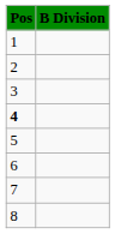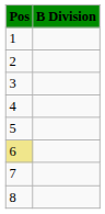 <table class="wikitable" style="margin:0.5em auto; font-size:95%">
 <tr bgcolor="#008B00">
 <td><strong>Pos</strong></td>
 <td><strong>B Division</strong></td>
 </tr>
 <tr>
 <td>1</td>
 <td></td>
 </tr>
 <tr>
 <td>2</td>
 <td></td>
 </tr>
 <tr>
 <td>3</td>
 <td></td>
 </tr>
 <tr>
-<td><strong>4</strong></td>
+<td>4</td>
 <td></td>
 </tr>
 <tr>
 <td>5</td>
 <td></td>
 </tr>
 <tr>
-<td>6</td>
+<td style="background: khaki;">6</td>
 <td></td>
 </tr>
 <tr>
 <td>7</td>
 <td></td>
 </tr>
 <tr>
 <td>8</td>
 <td></td>
 </tr>
 </table>
